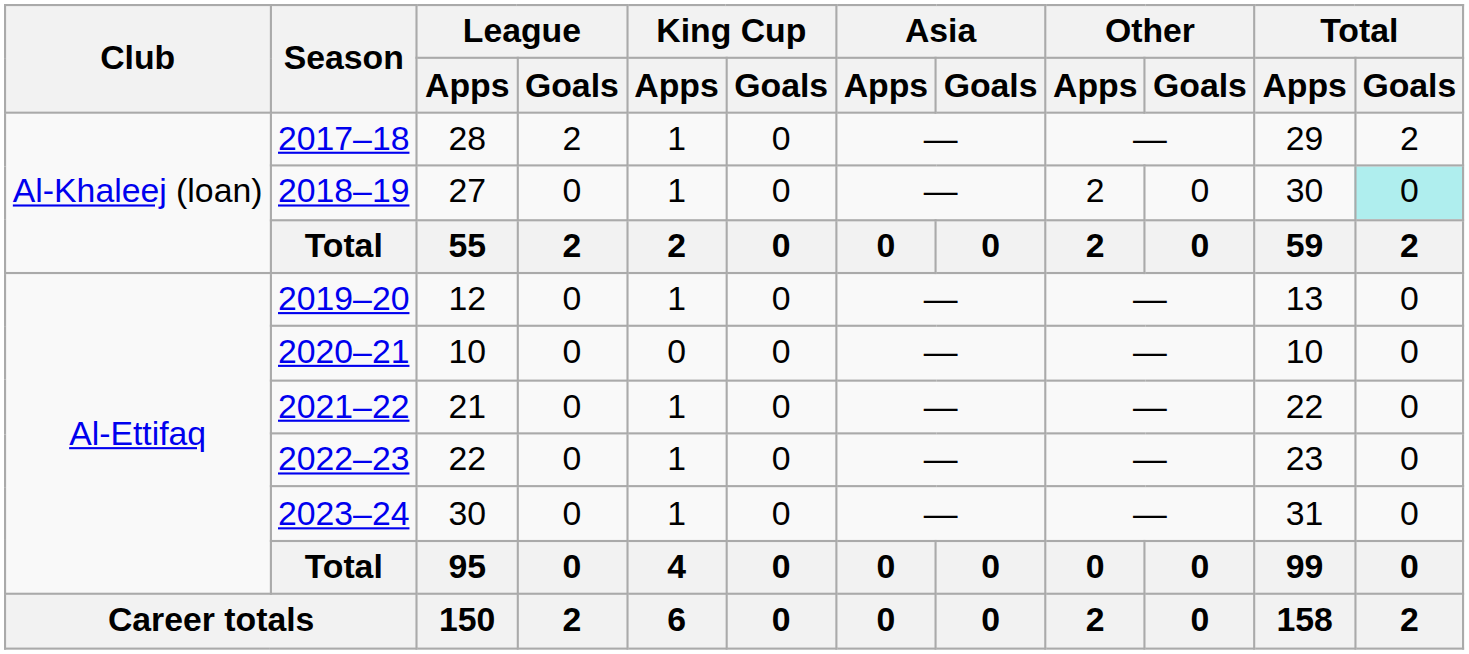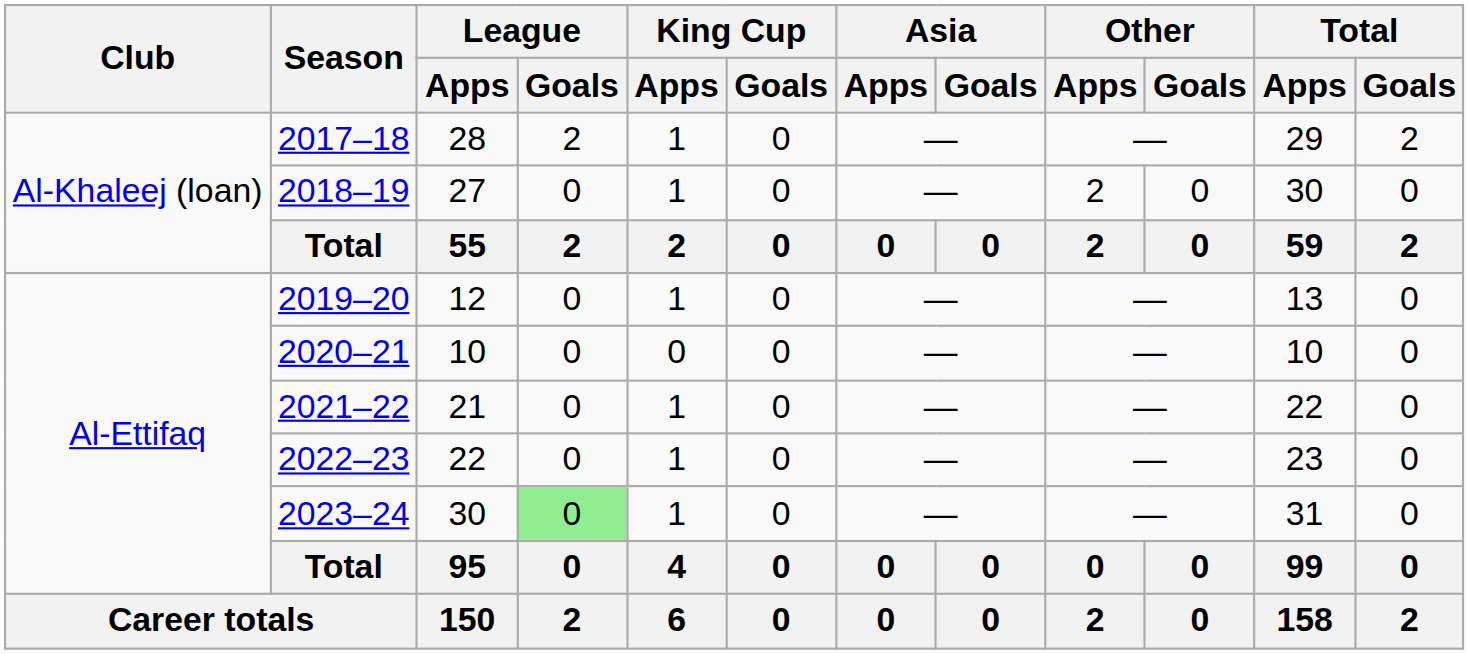 <table class="wikitable" style="text-align: center">
 <tr>
 <th rowspan=2>Club</th>
 <th rowspan=2>Season</th>
 <th colspan=2>League</th>
 <th colspan=2>King Cup</th>
 <th colspan=2>Asia</th>
 <th colspan=2>Other</th>
 <th colspan=2>Total</th>
 </tr>
 <tr>
 <th>Apps</th>
 <th>Goals</th>
 <th>Apps</th>
 <th>Goals</th>
 <th>Apps</th>
 <th>Goals</th>
 <th>Apps</th>
 <th>Goals</th>
 <th>Apps</th>
 <th>Goals</th>
 </tr>
 <tr>
 <td rowspan=3><a href='#'>Al-Khaleej</a> (loan)</td>
 <td><a href='#'>2017–18</a></td>
 <td>28</td>
 <td>2</td>
 <td>1</td>
 <td>0</td>
 <td colspan=2>—</td>
 <td colspan=2>—</td>
 <td>29</td>
 <td>2</td>
 </tr>
 <tr>
 <td><a href='#'>2018–19</a></td>
 <td>27</td>
 <td>0</td>
 <td>1</td>
 <td>0</td>
 <td colspan=2>—</td>
 <td>2</td>
 <td>0</td>
 <td>30</td>
-<td style="background: paleturquoise;">0</td>
+<td>0</td>
 </tr>
 <tr>
 <th>Total</th>
 <th>55</th>
 <th>2</th>
 <th>2</th>
 <th>0</th>
 <th>0</th>
 <th>0</th>
 <th>2</th>
 <th>0</th>
 <th>59</th>
 <th>2</th>
 </tr>
 <tr>
 <td rowspan=6><a href='#'>Al-Ettifaq</a></td>
 <td><a href='#'>2019–20</a></td>
 <td>12</td>
 <td>0</td>
 <td>1</td>
 <td>0</td>
 <td colspan=2>—</td>
 <td colspan=2>—</td>
 <td>13</td>
 <td>0</td>
 </tr>
 <tr>
 <td><a href='#'>2020–21</a></td>
 <td>10</td>
 <td>0</td>
 <td>0</td>
 <td>0</td>
 <td colspan=2>—</td>
 <td colspan=2>—</td>
 <td>10</td>
 <td>0</td>
 </tr>
 <tr>
 <td><a href='#'>2021–22</a></td>
 <td>21</td>
 <td>0</td>
 <td>1</td>
 <td>0</td>
 <td colspan=2>—</td>
 <td colspan=2>—</td>
 <td>22</td>
 <td>0</td>
 </tr>
 <tr>
 <td><a href='#'>2022–23</a></td>
 <td>22</td>
 <td>0</td>
 <td>1</td>
 <td>0</td>
 <td colspan=2>—</td>
 <td colspan=2>—</td>
 <td>23</td>
 <td>0</td>
 </tr>
 <tr>
 <td><a href='#'>2023–24</a></td>
 <td>30</td>
-<td>0</td>
+<td style="background: lightgreen;">0</td>
 <td>1</td>
 <td>0</td>
 <td colspan=2>—</td>
 <td colspan=2>—</td>
 <td>31</td>
 <td>0</td>
 </tr>
 <tr>
 <th>Total</th>
 <th>95</th>
 <th>0</th>
 <th>4</th>
 <th>0</th>
 <th>0</th>
 <th>0</th>
 <th>0</th>
 <th>0</th>
 <th>99</th>
 <th>0</th>
 </tr>
 <tr>
 <th colspan=2>Career totals</th>
 <th>150</th>
 <th>2</th>
 <th>6</th>
 <th>0</th>
 <th>0</th>
 <th>0</th>
 <th>2</th>
 <th>0</th>
 <th>158</th>
 <th>2</th>
 </tr>
 </table>
